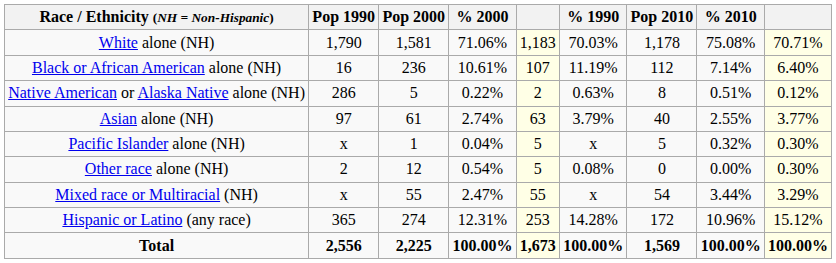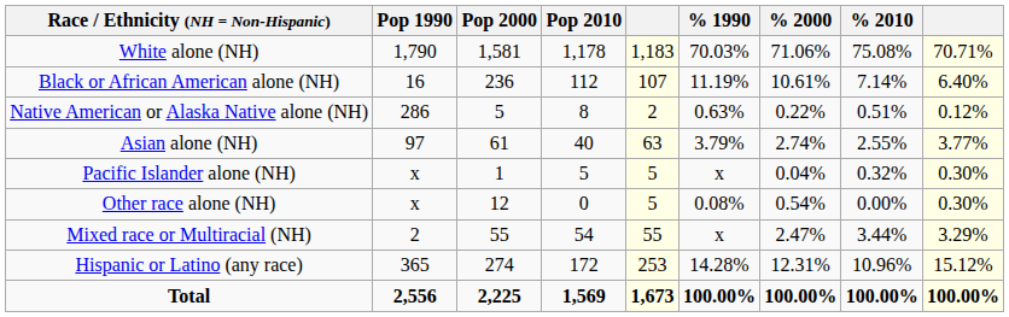 <table class="wikitable" style="text-align:center;">
 <tr>
 <th>Race / Ethnicity <small>(<em>NH = Non-Hispanic</em>)</small></th>
 <th>Pop 1990</th>
 <th>Pop 2000</th>
-<th>% 2000</th>
+<th>Pop 2010</th>
 <th></th>
 <th>% 1990</th>
-<th>Pop 2010</th>
+<th>% 2000</th>
 <th>% 2010</th>
 <th></th>
 </tr>
 <tr>
 <td><a href='#'>White</a> alone (NH)</td>
 <td>1,790</td>
 <td>1,581</td>
-<td>71.06%</td>
+<td>1,178</td>
 <td style='background: #ffffe6;'>1,183</td>
 <td>70.03%</td>
-<td>1,178</td>
+<td>71.06%</td>
 <td>75.08%</td>
 <td style='background: #ffffe6;'>70.71%</td>
 </tr>
 <tr>
 <td><a href='#'>Black or African American</a> alone (NH)</td>
 <td>16</td>
 <td>236</td>
-<td>10.61%</td>
+<td>112</td>
 <td style='background: #ffffe6;'>107</td>
 <td>11.19%</td>
-<td>112</td>
+<td>10.61%</td>
 <td>7.14%</td>
 <td style='background: #ffffe6;'>6.40%</td>
 </tr>
 <tr>
 <td><a href='#'>Native American</a> or <a href='#'>Alaska Native</a> alone (NH)</td>
 <td>286</td>
 <td>5</td>
-<td>0.22%</td>
+<td>8</td>
 <td style='background: #ffffe6;'>2</td>
 <td>0.63%</td>
-<td>8</td>
+<td>0.22%</td>
 <td>0.51%</td>
 <td style='background: #ffffe6;'>0.12%</td>
 </tr>
 <tr>
 <td><a href='#'>Asian</a> alone (NH)</td>
 <td>97</td>
 <td>61</td>
-<td>2.74%</td>
+<td>40</td>
 <td style='background: #ffffe6;'>63</td>
 <td>3.79%</td>
-<td>40</td>
+<td>2.74%</td>
 <td>2.55%</td>
 <td style='background: #ffffe6;'>3.77%</td>
 </tr>
 <tr>
 <td><a href='#'>Pacific Islander</a> alone (NH)</td>
 <td>x</td>
 <td>1</td>
-<td>0.04%</td>
+<td>5</td>
 <td style='background: #ffffe6;'>5</td>
 <td>x</td>
-<td>5</td>
+<td>0.04%</td>
 <td>0.32%</td>
 <td style='background: #ffffe6;'>0.30%</td>
 </tr>
 <tr>
 <td><a href='#'>Other race</a> alone (NH)</td>
-<td>2</td>
+<td>x</td>
 <td>12</td>
-<td>0.54%</td>
+<td>0</td>
 <td style='background: #ffffe6;'>5</td>
 <td>0.08%</td>
-<td>0</td>
+<td>0.54%</td>
 <td>0.00%</td>
 <td style='background: #ffffe6;'>0.30%</td>
 </tr>
 <tr>
 <td><a href='#'>Mixed race or Multiracial</a> (NH)</td>
-<td>x</td>
+<td>2</td>
 <td>55</td>
-<td>2.47%</td>
+<td>54</td>
 <td style='background: #ffffe6;'>55</td>
 <td>x</td>
-<td>54</td>
+<td>2.47%</td>
 <td>3.44%</td>
 <td style='background: #ffffe6;'>3.29%</td>
 </tr>
 <tr>
 <td><a href='#'>Hispanic or Latino</a> (any race)</td>
 <td>365</td>
 <td>274</td>
-<td>12.31%</td>
+<td>172</td>
 <td style='background: #ffffe6;'>253</td>
 <td>14.28%</td>
-<td>172</td>
+<td>12.31%</td>
 <td>10.96%</td>
 <td style='background: #ffffe6;'>15.12%</td>
 </tr>
 <tr>
 <td><strong>Total</strong></td>
 <td><strong>2,556</strong></td>
 <td><strong>2,225</strong></td>
-<td><strong>100.00%</strong></td>
+<td><strong>1,569</strong></td>
 <td style='background: #ffffe6;'><strong>1,673</strong></td>
 <td><strong>100.00%</strong></td>
-<td><strong>1,569</strong></td>
+<td><strong>100.00%</strong></td>
 <td><strong>100.00%</strong></td>
 <td style='background: #ffffe6;'><strong>100.00%</strong></td>
 </tr>
 </table>
